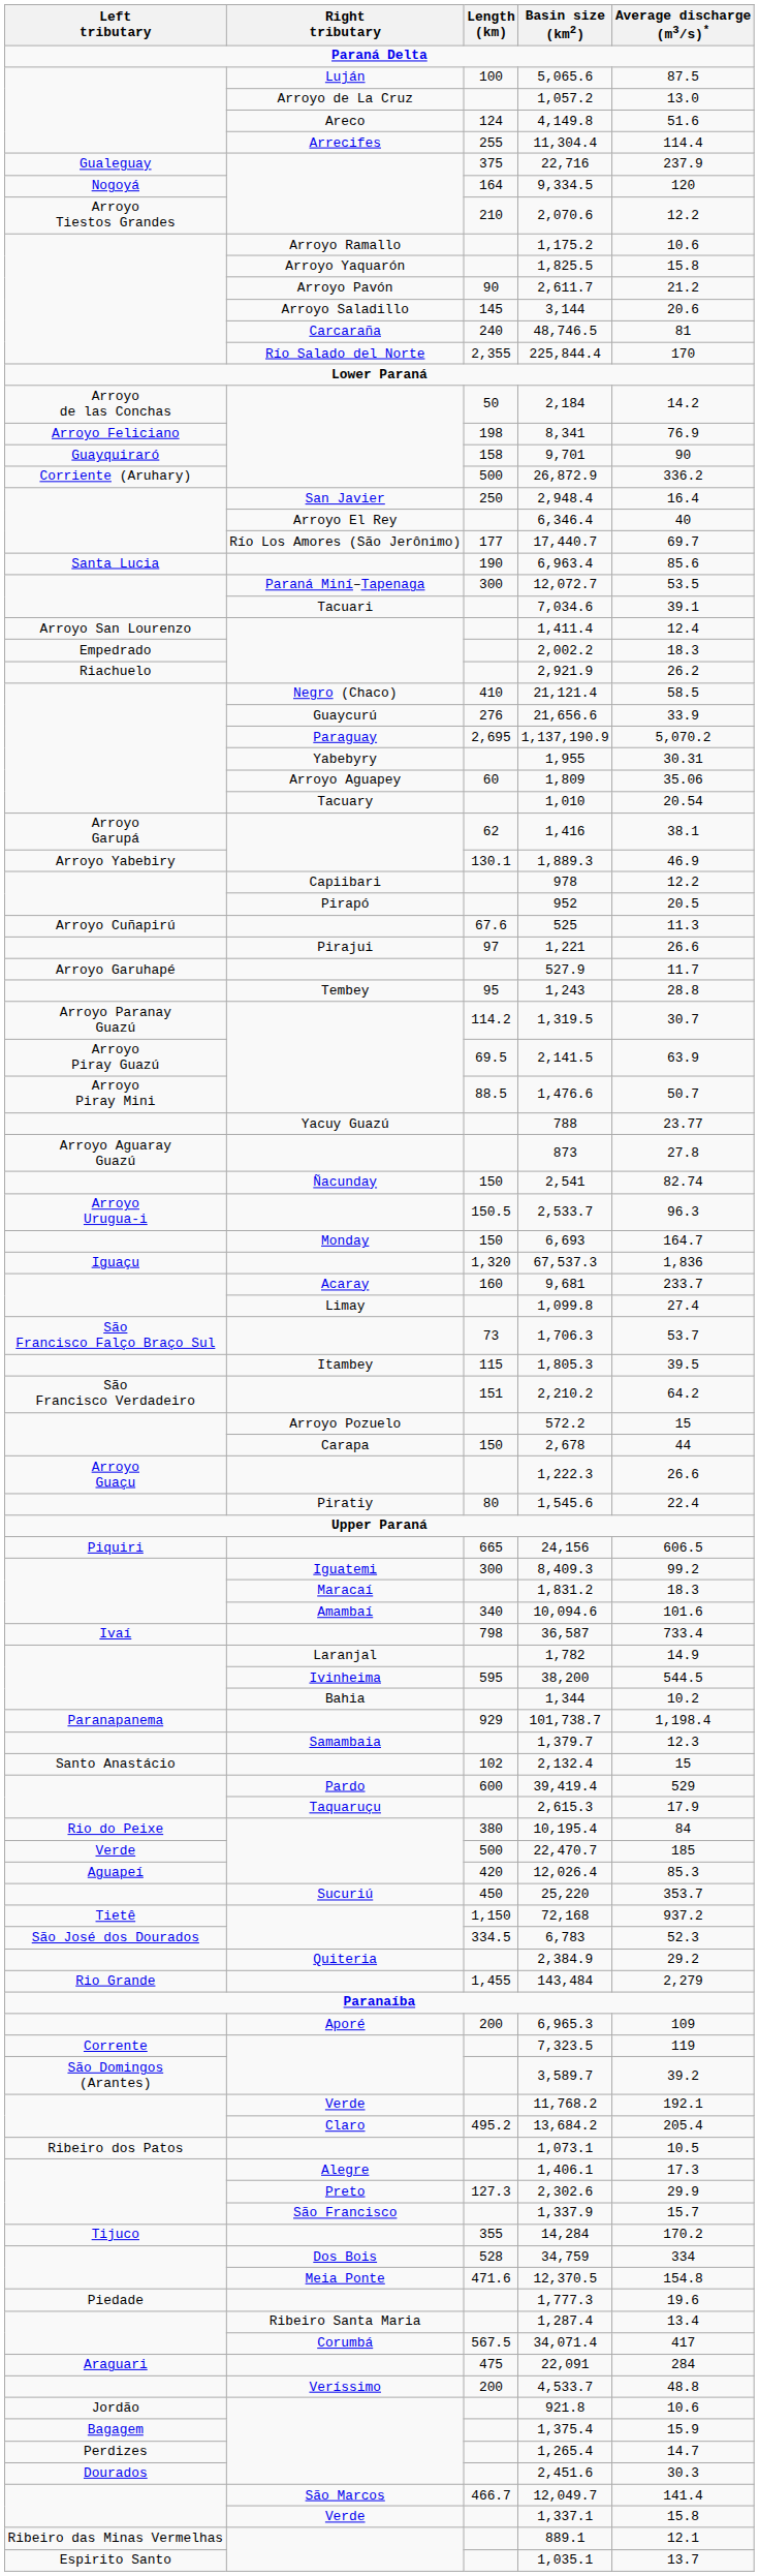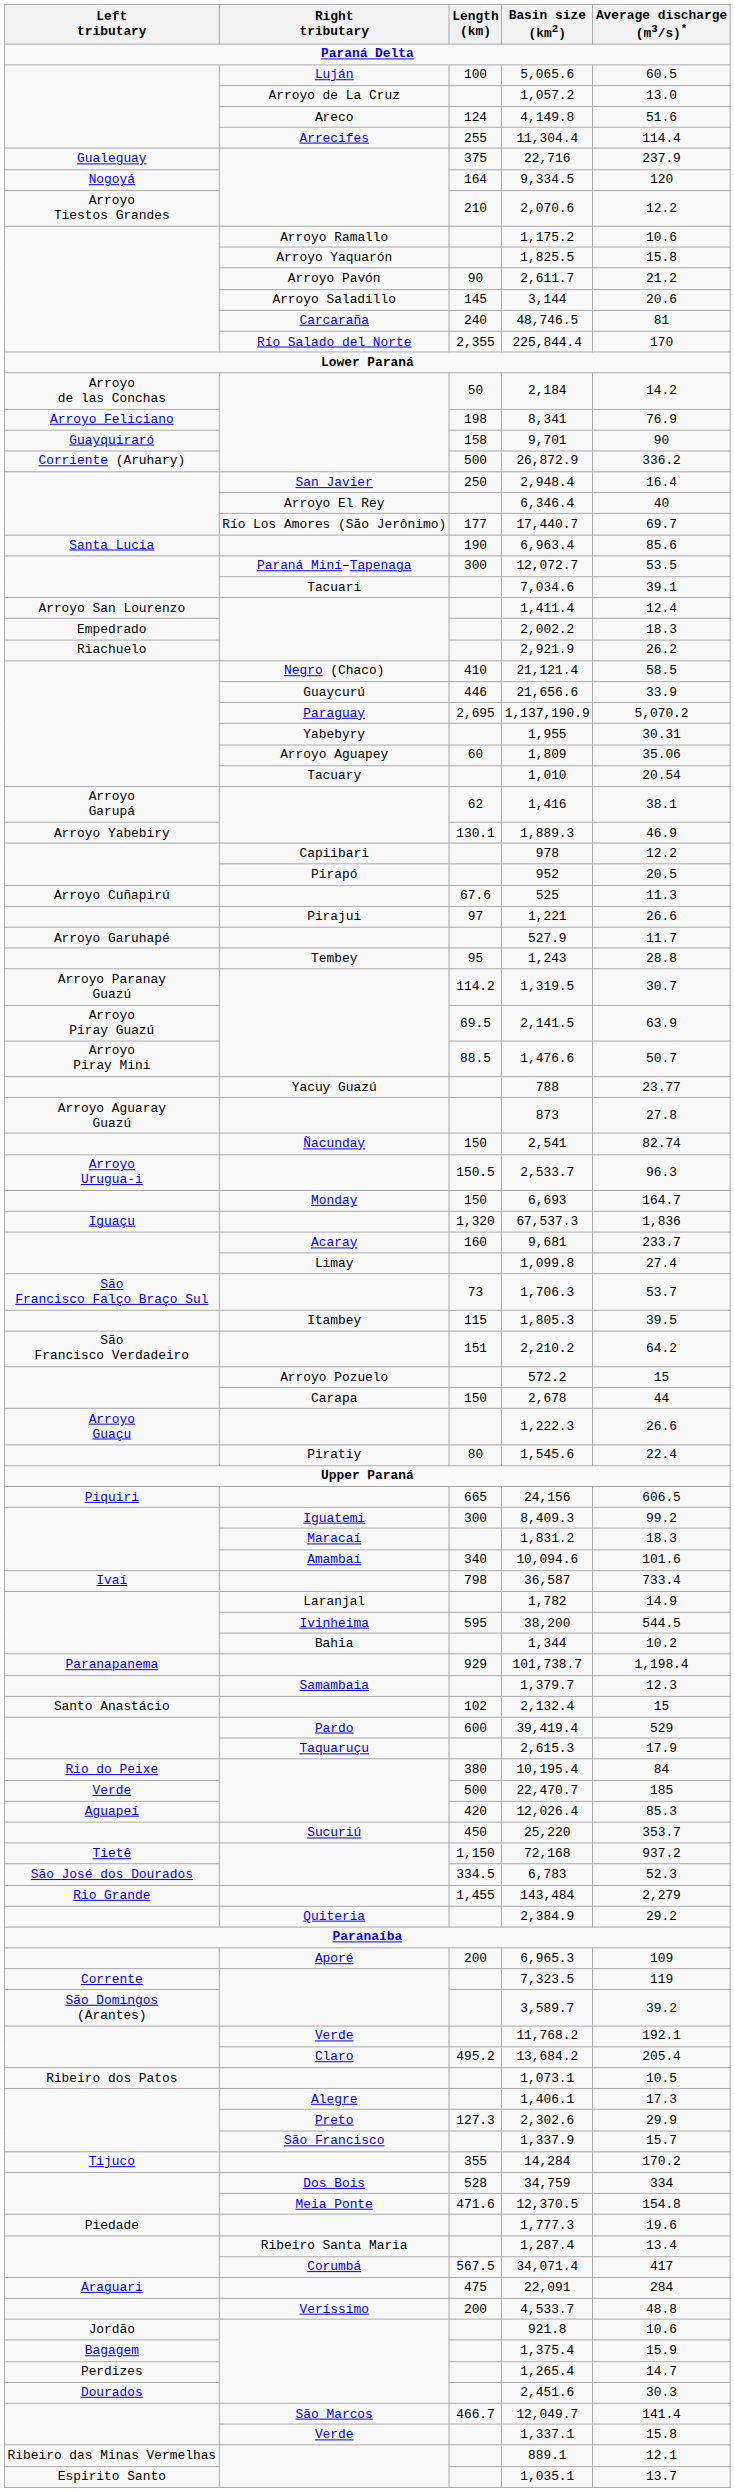 <table class="wikitable" style="text-align:center;">
 <tr>
 <th>Left<br>tributary</th>
 <th>Right<br>tributary</th>
 <th>Length<br>(km)</th>
 <th>Basin size<br>(km<sup>2</sup>)</th>
 <th>Average discharge<br>(m<sup>3</sup>/s)<sup>*</sup></th>
 </tr>
 <tr>
 <td colspan="5"><strong><a href='#'>Paraná Delta</a></strong></td>
 </tr>
 <tr>
 <td rowspan="4"></td>
 <td><a href='#'>Luján</a></td>
 <td>100</td>
 <td>5,065.6</td>
-<td>87.5</td>
+<td>60.5</td>
 </tr>
 <tr>
 <td>Arroyo de La Cruz</td>
 <td></td>
 <td>1,057.2</td>
 <td>13.0</td>
 </tr>
 <tr>
 <td>Areco</td>
 <td>124</td>
 <td>4,149.8</td>
 <td>51.6</td>
 </tr>
 <tr>
 <td><a href='#'>Arrecifes</a></td>
 <td>255</td>
 <td>11,304.4</td>
 <td>114.4</td>
 </tr>
 <tr>
 <td><a href='#'>Gualeguay</a></td>
 <td rowspan="3"></td>
 <td>375</td>
 <td>22,716</td>
 <td>237.9</td>
 </tr>
 <tr>
 <td><a href='#'>Nogoyá</a></td>
 <td>164</td>
 <td>9,334.5</td>
 <td>120</td>
 </tr>
 <tr>
 <td>Arroyo<br>Tiestos Grandes</td>
 <td>210</td>
 <td>2,070.6</td>
 <td>12.2</td>
 </tr>
 <tr>
 <td rowspan="6"></td>
 <td>Arroyo Ramallo</td>
 <td></td>
 <td>1,175.2</td>
 <td>10.6</td>
 </tr>
 <tr>
 <td>Arroyo Yaquarón</td>
 <td></td>
 <td>1,825.5</td>
 <td>15.8</td>
 </tr>
 <tr>
 <td>Arroyo Pavón</td>
 <td>90</td>
 <td>2,611.7</td>
 <td>21.2</td>
 </tr>
 <tr>
 <td>Arroyo Saladillo</td>
 <td>145</td>
 <td>3,144</td>
 <td>20.6</td>
 </tr>
 <tr>
 <td><a href='#'>Carcaraña</a></td>
 <td>240</td>
 <td>48,746.5</td>
 <td>81</td>
 </tr>
 <tr>
 <td><a href='#'>Río Salado del Norte</a></td>
 <td>2,355</td>
 <td>225,844.4</td>
 <td>170</td>
 </tr>
 <tr>
 <td colspan="5"><strong>Lower Paraná</strong></td>
 </tr>
 <tr>
 <td>Arroyo<br>de las Conchas</td>
 <td rowspan="4"></td>
 <td>50</td>
 <td>2,184</td>
 <td>14.2</td>
 </tr>
 <tr>
 <td><a href='#'>Arroyo Feliciano</a></td>
 <td>198</td>
 <td>8,341</td>
 <td>76.9</td>
 </tr>
 <tr>
 <td><a href='#'>Guayquiraró</a></td>
 <td>158</td>
 <td>9,701</td>
 <td>90</td>
 </tr>
 <tr>
 <td><a href='#'>Corriente</a> (Aruhary)</td>
 <td>500</td>
 <td>26,872.9</td>
 <td>336.2</td>
 </tr>
 <tr>
 <td rowspan="3"></td>
 <td><a href='#'>San Javier</a></td>
 <td>250</td>
 <td>2,948.4</td>
 <td>16.4</td>
 </tr>
 <tr>
 <td>Arroyo El Rey</td>
 <td></td>
 <td>6,346.4</td>
 <td>40</td>
 </tr>
 <tr>
 <td>Río Los Amores (São Jerônimo)</td>
 <td>177</td>
 <td>17,440.7</td>
 <td>69.7</td>
 </tr>
 <tr>
 <td><a href='#'>Santa Lucia</a></td>
 <td></td>
 <td>190</td>
 <td>6,963.4</td>
 <td>85.6</td>
 </tr>
 <tr>
 <td rowspan="2"></td>
 <td><a href='#'>Paraná Miní</a>–<a href='#'>Tapenaga</a></td>
 <td>300</td>
 <td>12,072.7</td>
 <td>53.5</td>
 </tr>
 <tr>
 <td>Tacuari</td>
 <td></td>
 <td>7,034.6</td>
 <td>39.1</td>
 </tr>
 <tr>
 <td>Arroyo San Lourenzo</td>
 <td rowspan="3"></td>
 <td></td>
 <td>1,411.4</td>
 <td>12.4</td>
 </tr>
 <tr>
 <td>Empedrado</td>
 <td></td>
 <td>2,002.2</td>
 <td>18.3</td>
 </tr>
 <tr>
 <td>Riachuelo</td>
 <td></td>
 <td>2,921.9</td>
 <td>26.2</td>
 </tr>
 <tr>
 <td rowspan="6"></td>
 <td><a href='#'>Negro</a> (Chaco)</td>
 <td>410</td>
 <td>21,121.4</td>
 <td>58.5</td>
 </tr>
 <tr>
 <td>Guaycurú</td>
-<td>276</td>
+<td>446</td>
 <td>21,656.6</td>
 <td>33.9</td>
 </tr>
 <tr>
 <td><a href='#'>Paraguay</a></td>
 <td>2,695</td>
 <td>1,137,190.9</td>
 <td>5,070.2</td>
 </tr>
 <tr>
 <td>Yabebyry</td>
 <td></td>
 <td>1,955</td>
 <td>30.31</td>
 </tr>
 <tr>
 <td>Arroyo Aguapey</td>
 <td>60</td>
 <td>1,809</td>
 <td>35.06</td>
 </tr>
 <tr>
 <td>Tacuary</td>
 <td></td>
 <td>1,010</td>
 <td>20.54</td>
 </tr>
 <tr>
 <td>Arroyo<br>Garupá</td>
 <td rowspan="2"></td>
 <td>62</td>
 <td>1,416</td>
 <td>38.1</td>
 </tr>
 <tr>
 <td>Arroyo Yabebiry</td>
 <td>130.1</td>
 <td>1,889.3</td>
 <td>46.9</td>
 </tr>
 <tr>
 <td rowspan="2"></td>
 <td>Capiibari</td>
 <td></td>
 <td>978</td>
 <td>12.2</td>
 </tr>
 <tr>
 <td>Pirapó</td>
 <td></td>
 <td>952</td>
 <td>20.5</td>
 </tr>
 <tr>
 <td>Arroyo Cuñapirú</td>
 <td></td>
 <td>67.6</td>
 <td>525</td>
 <td>11.3</td>
 </tr>
 <tr>
 <td></td>
 <td>Pirajui</td>
 <td>97</td>
 <td>1,221</td>
 <td>26.6</td>
 </tr>
 <tr>
 <td>Arroyo Garuhapé</td>
 <td></td>
 <td></td>
 <td>527.9</td>
 <td>11.7</td>
 </tr>
 <tr>
 <td></td>
 <td>Tembey</td>
 <td>95</td>
 <td>1,243</td>
 <td>28.8</td>
 </tr>
 <tr>
 <td>Arroyo Paranay<br>Guazú</td>
 <td rowspan="3"></td>
 <td>114.2</td>
 <td>1,319.5</td>
 <td>30.7</td>
 </tr>
 <tr>
 <td>Arroyo<br>Piray Guazú</td>
 <td>69.5</td>
 <td>2,141.5</td>
 <td>63.9</td>
 </tr>
 <tr>
 <td>Arroyo<br>Piray Mini</td>
 <td>88.5</td>
 <td>1,476.6</td>
 <td>50.7</td>
 </tr>
 <tr>
 <td></td>
 <td>Yacuy Guazú</td>
 <td></td>
 <td>788</td>
 <td>23.77</td>
 </tr>
 <tr>
 <td>Arroyo Aguaray<br>Guazú</td>
 <td></td>
 <td></td>
 <td>873</td>
 <td>27.8</td>
 </tr>
 <tr>
 <td></td>
 <td><a href='#'>Ñacunday</a></td>
 <td>150</td>
 <td>2,541</td>
 <td>82.74</td>
 </tr>
 <tr>
 <td><a href='#'>Arroyo</a><br><a href='#'>Urugua-i</a></td>
 <td></td>
 <td>150.5</td>
 <td>2,533.7</td>
 <td>96.3</td>
 </tr>
 <tr>
 <td></td>
 <td><a href='#'>Monday</a></td>
 <td>150</td>
 <td>6,693</td>
 <td>164.7</td>
 </tr>
 <tr>
 <td><a href='#'>Iguaçu</a></td>
 <td></td>
 <td>1,320</td>
 <td>67,537.3</td>
 <td>1,836</td>
 </tr>
 <tr>
 <td rowspan="2"></td>
 <td><a href='#'>Acaray</a></td>
 <td>160</td>
 <td>9,681</td>
 <td>233.7</td>
 </tr>
 <tr>
 <td>Limay</td>
 <td></td>
 <td>1,099.8</td>
 <td>27.4</td>
 </tr>
 <tr>
 <td><a href='#'>São</a><br><a href='#'>Francisco Falço Braço Sul</a></td>
 <td></td>
 <td>73</td>
 <td>1,706.3</td>
 <td>53.7</td>
 </tr>
 <tr>
 <td></td>
 <td>Itambey</td>
 <td>115</td>
 <td>1,805.3</td>
 <td>39.5</td>
 </tr>
 <tr>
 <td>São<br>Francisco Verdadeiro</td>
 <td></td>
 <td>151</td>
 <td>2,210.2</td>
 <td>64.2</td>
 </tr>
 <tr>
 <td rowspan="2"></td>
 <td>Arroyo Pozuelo</td>
 <td></td>
 <td>572.2</td>
 <td>15</td>
 </tr>
 <tr>
 <td>Carapa</td>
 <td>150</td>
 <td>2,678</td>
 <td>44</td>
 </tr>
 <tr>
 <td><a href='#'>Arroyo</a><br><a href='#'>Guaçu</a></td>
 <td></td>
 <td></td>
 <td>1,222.3</td>
 <td>26.6</td>
 </tr>
 <tr>
 <td></td>
 <td>Piratiy</td>
 <td>80</td>
 <td>1,545.6</td>
 <td>22.4</td>
 </tr>
 <tr>
 <td colspan="5"><strong>Upper Paraná</strong></td>
 </tr>
 <tr>
 <td><a href='#'>Piquiri</a></td>
 <td></td>
 <td>665</td>
 <td>24,156</td>
 <td>606.5</td>
 </tr>
 <tr>
 <td rowspan="3"></td>
 <td><a href='#'>Iguatemi</a></td>
 <td>300</td>
 <td>8,409.3</td>
 <td>99.2</td>
 </tr>
 <tr>
 <td><a href='#'>Maracaí</a></td>
 <td></td>
 <td>1,831.2</td>
 <td>18.3</td>
 </tr>
 <tr>
 <td><a href='#'>Amambaí</a></td>
 <td>340</td>
 <td>10,094.6</td>
 <td>101.6</td>
 </tr>
 <tr>
 <td><a href='#'>Ivaí</a></td>
 <td></td>
 <td>798</td>
 <td>36,587</td>
 <td>733.4</td>
 </tr>
 <tr>
 <td rowspan="3"></td>
 <td>Laranjal</td>
 <td></td>
 <td>1,782</td>
 <td>14.9</td>
 </tr>
 <tr>
 <td><a href='#'>Ivinheima</a></td>
 <td>595</td>
 <td>38,200</td>
 <td>544.5</td>
 </tr>
 <tr>
 <td>Bahia</td>
 <td></td>
 <td>1,344</td>
 <td>10.2</td>
 </tr>
 <tr>
 <td><a href='#'>Paranapanema</a></td>
 <td></td>
 <td>929</td>
 <td>101,738.7</td>
 <td>1,198.4</td>
 </tr>
 <tr>
 <td></td>
 <td><a href='#'>Samambaia</a></td>
 <td></td>
 <td>1,379.7</td>
 <td>12.3</td>
 </tr>
 <tr>
 <td>Santo Anastácio</td>
 <td></td>
 <td>102</td>
 <td>2,132.4</td>
 <td>15</td>
 </tr>
 <tr>
 <td rowspan="2"></td>
 <td><a href='#'>Pardo</a></td>
 <td>600</td>
 <td>39,419.4</td>
 <td>529</td>
 </tr>
 <tr>
 <td><a href='#'>Taquaruçu</a></td>
 <td></td>
 <td>2,615.3</td>
 <td>17.9</td>
 </tr>
 <tr>
 <td><a href='#'>Rio do Peixe</a></td>
 <td rowspan="3"></td>
 <td>380</td>
 <td>10,195.4</td>
 <td>84</td>
 </tr>
 <tr>
 <td><a href='#'>Verde</a></td>
 <td>500</td>
 <td>22,470.7</td>
 <td>185</td>
 </tr>
 <tr>
 <td><a href='#'>Aguapeí</a></td>
 <td>420</td>
 <td>12,026.4</td>
 <td>85.3</td>
 </tr>
 <tr>
 <td></td>
 <td><a href='#'>Sucuriú</a></td>
 <td>450</td>
 <td>25,220</td>
 <td>353.7</td>
 </tr>
 <tr>
 <td><a href='#'>Tietê</a></td>
 <td rowspan="2"></td>
 <td>1,150</td>
 <td>72,168</td>
 <td>937.2</td>
 </tr>
 <tr>
 <td><a href='#'>São José dos Dourados</a></td>
 <td>334.5</td>
 <td>6,783</td>
 <td>52.3</td>
 </tr>
 <tr>
+<td><a href='#'>Rio Grande</a></td>
+<td></td>
+<td>1,455</td>
+<td>143,484</td>
+<td>2,279</td>
+</tr>
+<tr>
 <td></td>
 <td><a href='#'>Quiteria</a></td>
 <td></td>
 <td>2,384.9</td>
 <td>29.2</td>
-</tr>
-<tr>
-<td><a href='#'>Rio Grande</a></td>
-<td></td>
-<td>1,455</td>
-<td>143,484</td>
-<td>2,279</td>
 </tr>
 <tr>
 <td colspan="5"><strong><a href='#'>Paranaíba</a></strong></td>
 </tr>
 <tr>
 <td></td>
 <td><a href='#'>Aporé</a></td>
 <td>200</td>
 <td>6,965.3</td>
 <td>109</td>
 </tr>
 <tr>
 <td><a href='#'>Corrente</a></td>
 <td rowspan="2"></td>
 <td></td>
 <td>7,323.5</td>
 <td>119</td>
 </tr>
 <tr>
 <td><a href='#'>São Domingos</a><br>(Arantes)</td>
 <td></td>
 <td>3,589.7</td>
 <td>39.2</td>
 </tr>
 <tr>
 <td rowspan="2"></td>
 <td><a href='#'>Verde</a></td>
 <td></td>
 <td>11,768.2</td>
 <td>192.1</td>
 </tr>
 <tr>
 <td><a href='#'>Claro</a></td>
 <td>495.2</td>
 <td>13,684.2</td>
 <td>205.4</td>
 </tr>
 <tr>
 <td>Ribeiro dos Patos</td>
 <td></td>
 <td></td>
 <td>1,073.1</td>
 <td>10.5</td>
 </tr>
 <tr>
 <td rowspan="3"></td>
 <td><a href='#'>Alegre</a></td>
 <td></td>
 <td>1,406.1</td>
 <td>17.3</td>
 </tr>
 <tr>
 <td><a href='#'>Preto</a></td>
 <td>127.3</td>
 <td>2,302.6</td>
 <td>29.9</td>
 </tr>
 <tr>
 <td><a href='#'>São Francisco</a></td>
 <td></td>
 <td>1,337.9</td>
 <td>15.7</td>
 </tr>
 <tr>
 <td><a href='#'>Tijuco</a></td>
 <td></td>
 <td>355</td>
 <td>14,284</td>
 <td>170.2</td>
 </tr>
 <tr>
 <td rowspan="2"></td>
 <td><a href='#'>Dos Bois</a></td>
 <td>528</td>
 <td>34,759</td>
 <td>334</td>
 </tr>
 <tr>
 <td><a href='#'>Meia Ponte</a></td>
 <td>471.6</td>
 <td>12,370.5</td>
 <td>154.8</td>
 </tr>
 <tr>
 <td>Piedade</td>
 <td></td>
 <td></td>
 <td>1,777.3</td>
 <td>19.6</td>
 </tr>
 <tr>
 <td rowspan="2"></td>
 <td>Ribeiro Santa Maria</td>
 <td></td>
 <td>1,287.4</td>
 <td>13.4</td>
 </tr>
 <tr>
 <td><a href='#'>Corumbá</a></td>
 <td>567.5</td>
 <td>34,071.4</td>
 <td>417</td>
 </tr>
 <tr>
 <td><a href='#'>Araguari</a></td>
 <td></td>
 <td>475</td>
 <td>22,091</td>
 <td>284</td>
 </tr>
 <tr>
 <td></td>
 <td><a href='#'>Veríssimo</a></td>
 <td>200</td>
 <td>4,533.7</td>
 <td>48.8</td>
 </tr>
 <tr>
 <td>Jordão</td>
 <td rowspan="4"></td>
 <td></td>
 <td>921.8</td>
 <td>10.6</td>
 </tr>
 <tr>
 <td><a href='#'>Bagagem</a></td>
 <td></td>
 <td>1,375.4</td>
 <td>15.9</td>
 </tr>
 <tr>
 <td>Perdizes</td>
 <td></td>
 <td>1,265.4</td>
 <td>14.7</td>
 </tr>
 <tr>
 <td><a href='#'>Dourados</a></td>
 <td></td>
 <td>2,451.6</td>
 <td>30.3</td>
 </tr>
 <tr>
 <td rowspan="2"></td>
 <td><a href='#'>São Marcos</a></td>
 <td>466.7</td>
 <td>12,049.7</td>
 <td>141.4</td>
 </tr>
 <tr>
 <td><a href='#'>Verde</a></td>
 <td></td>
 <td>1,337.1</td>
 <td>15.8</td>
 </tr>
 <tr>
 <td>Ribeiro das Minas Vermelhas</td>
 <td rowspan="2"></td>
 <td></td>
 <td>889.1</td>
 <td>12.1</td>
 </tr>
 <tr>
 <td>Espirito Santo</td>
 <td></td>
 <td>1,035.1</td>
 <td>13.7</td>
 </tr>
 </table>
